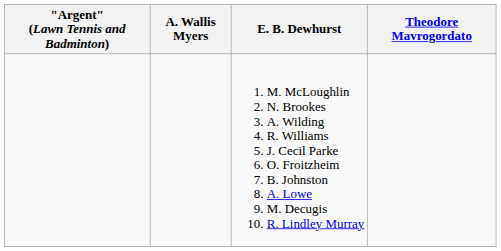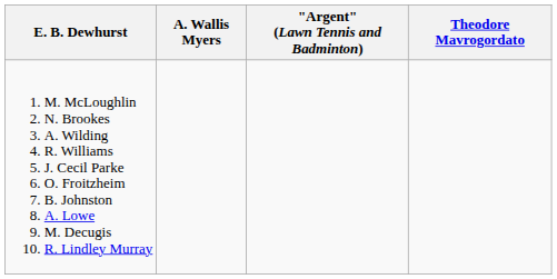 <table class="wikitable">
 <tr>
+<th>E. B. Dewhurst</th>
+<th>A. Wallis Myers</th>
 <th>"Argent"<br>(<em>Lawn Tennis and Badminton</em>)</th>
-<th>A. Wallis Myers</th>
-<th>E. B. Dewhurst</th>
 <th><a href='#'>Theodore Mavrogordato</a></th>
 </tr>
 <tr style="vertical-align: top;">
+<td style="white-space: nowrap;"><br><ol><li> M. McLoughlin</li><li> N. Brookes</li><li> A. Wilding</li><li> R. Williams</li><li> J. Cecil Parke</li><li> O. Froitzheim</li><li> B. Johnston</li><li> <a href='#'>A. Lowe</a></li><li> M. Decugis</li><li> <a href='#'>R. Lindley Murray</a></li></ol></td>
 <td style="white-space: nowrap;"><br></td>
 <td style="white-space: nowrap;"><br></td>
-<td style="white-space: nowrap;"><br><ol><li> M. McLoughlin</li><li> N. Brookes</li><li> A. Wilding</li><li> R. Williams</li><li> J. Cecil Parke</li><li> O. Froitzheim</li><li> B. Johnston</li><li> <a href='#'>A. Lowe</a></li><li> M. Decugis</li><li> <a href='#'>R. Lindley Murray</a></li></ol></td>
 <td style="white-space: nowrap;"><br></td>
 </tr>
 </table>
